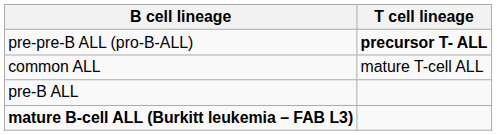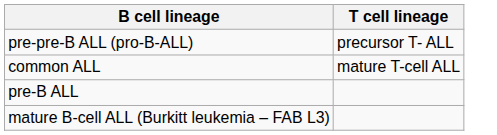 <table class="wikitable">
 <tr>
 <th>B cell lineage</th>
 <th>T cell lineage</th>
 </tr>
 <tr>
 <td>pre-pre-B ALL (pro-B-ALL)</td>
-<td><strong>precursor T- ALL</strong></td>
+<td>precursor T- ALL</td>
 </tr>
 <tr>
 <td>common ALL</td>
 <td>mature T-cell ALL</td>
 </tr>
 <tr>
 <td>pre-B ALL</td>
 <td></td>
 </tr>
 <tr>
-<td><strong>mature B-cell ALL (Burkitt leukemia – FAB L3)</strong></td>
+<td>mature B-cell ALL (Burkitt leukemia – FAB L3)</td>
 <td></td>
 </tr>
 </table>
